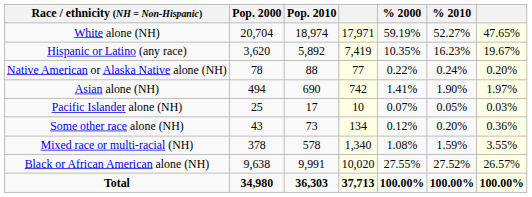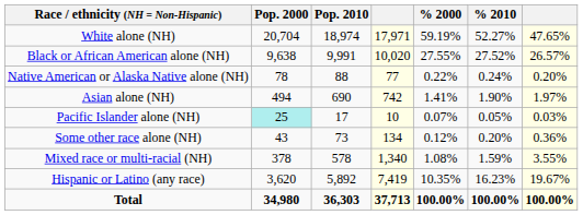 <table class="wikitable" style="text-align:center;">
 <tr>
 <th>Race / ethnicity <small>(<em>NH = Non-Hispanic</em>)</small></th>
 <th>Pop. 2000</th>
 <th>Pop. 2010</th>
 <th></th>
 <th>% 2000</th>
 <th>% 2010</th>
 <th></th>
 </tr>
 <tr>
 <td><a href='#'>White</a> alone (NH)</td>
 <td>20,704</td>
 <td>18,974</td>
 <td style='background: #ffffe6;'>17,971</td>
 <td>59.19%</td>
 <td>52.27%</td>
 <td style='background: #ffffe6;'>47.65%</td>
 </tr>
 <tr>
-<td><a href='#'>Hispanic or Latino</a> (any race)</td>
-<td>3,620</td>
-<td>5,892</td>
-<td style='background: #ffffe6;'>7,419</td>
-<td>10.35%</td>
-<td>16.23%</td>
-<td style='background: #ffffe6;'>19.67%</td>
+<td><a href='#'>Black or African American</a> alone (NH)</td>
+<td>9,638</td>
+<td>9,991</td>
+<td style='background: #ffffe6;'>10,020</td>
+<td>27.55%</td>
+<td>27.52%</td>
+<td style='background: #ffffe6;'>26.57%</td>
 </tr>
 <tr>
 <td><a href='#'>Native American</a> or <a href='#'>Alaska Native</a> alone (NH)</td>
 <td>78</td>
 <td>88</td>
 <td style='background: #ffffe6;'>77</td>
 <td>0.22%</td>
 <td>0.24%</td>
 <td style='background: #ffffe6;'>0.20%</td>
 </tr>
 <tr>
 <td><a href='#'>Asian</a> alone (NH)</td>
 <td>494</td>
 <td>690</td>
 <td style='background: #ffffe6;'>742</td>
 <td>1.41%</td>
 <td>1.90%</td>
 <td style='background: #ffffe6;'>1.97%</td>
 </tr>
 <tr>
 <td><a href='#'>Pacific Islander</a> alone (NH)</td>
-<td>25</td>
+<td style="background: paleturquoise;">25</td>
 <td>17</td>
 <td style='background: #ffffe6;'>10</td>
 <td>0.07%</td>
 <td>0.05%</td>
 <td style='background: #ffffe6;'>0.03%</td>
 </tr>
 <tr>
 <td><a href='#'>Some other race</a> alone (NH)</td>
 <td>43</td>
 <td>73</td>
 <td style='background: #ffffe6;'>134</td>
 <td>0.12%</td>
 <td>0.20%</td>
 <td style='background: #ffffe6;'>0.36%</td>
 </tr>
 <tr>
 <td><a href='#'>Mixed race or multi-racial</a> (NH)</td>
 <td>378</td>
 <td>578</td>
 <td style='background: #ffffe6;'>1,340</td>
 <td>1.08%</td>
 <td>1.59%</td>
 <td style='background: #ffffe6;'>3.55%</td>
 </tr>
 <tr>
-<td><a href='#'>Black or African American</a> alone (NH)</td>
-<td>9,638</td>
-<td>9,991</td>
-<td style='background: #ffffe6;'>10,020</td>
-<td>27.55%</td>
-<td>27.52%</td>
-<td style='background: #ffffe6;'>26.57%</td>
+<td><a href='#'>Hispanic or Latino</a> (any race)</td>
+<td>3,620</td>
+<td>5,892</td>
+<td style='background: #ffffe6;'>7,419</td>
+<td>10.35%</td>
+<td>16.23%</td>
+<td style='background: #ffffe6;'>19.67%</td>
 </tr>
 <tr>
 <td><strong>Total</strong></td>
 <td><strong>34,980</strong></td>
 <td><strong>36,303</strong></td>
 <td style='background: #ffffe6;'><strong>37,713</strong></td>
 <td><strong>100.00%</strong></td>
 <td><strong>100.00%</strong></td>
 <td style='background: #ffffe6;'><strong>100.00%</strong></td>
 </tr>
 </table>
